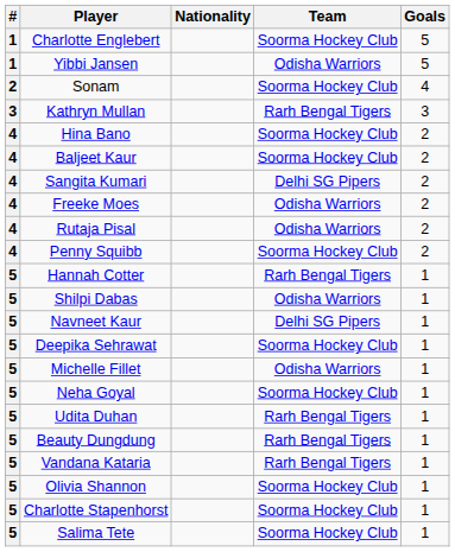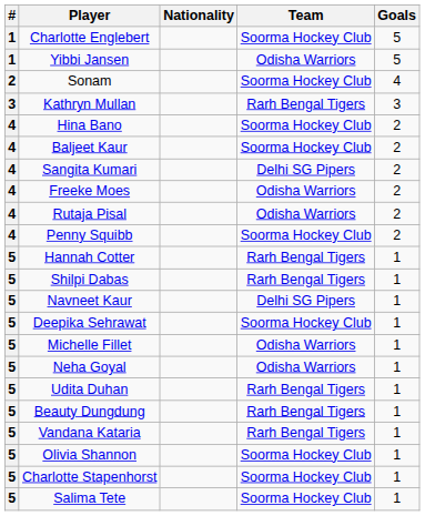 <table class="wikitable sortable" style="text-align:center;">
 <tr>
 <th>#</th>
 <th>Player</th>
 <th>Nationality</th>
 <th>Team</th>
 <th>Goals</th>
 </tr>
 <tr>
 <th>1</th>
 <td><a href='#'>Charlotte Englebert</a></td>
 <td></td>
 <td><a href='#'>Soorma Hockey Club</a></td>
 <td>5</td>
 </tr>
 <tr>
 <th>1</th>
 <td><a href='#'>Yibbi Jansen</a></td>
 <td></td>
 <td><a href='#'>Odisha Warriors</a></td>
 <td>5</td>
 </tr>
 <tr>
 <th>2</th>
 <td>Sonam</td>
 <td></td>
 <td><a href='#'>Soorma Hockey Club</a></td>
 <td>4</td>
 </tr>
 <tr>
 <th>3</th>
 <td><a href='#'>Kathryn Mullan</a></td>
 <td></td>
 <td><a href='#'>Rarh Bengal Tigers</a></td>
 <td>3</td>
 </tr>
 <tr>
 <th>4</th>
 <td><a href='#'>Hina Bano</a></td>
 <td></td>
 <td><a href='#'>Soorma Hockey Club</a></td>
 <td>2</td>
 </tr>
 <tr>
 <th>4</th>
 <td><a href='#'>Baljeet Kaur</a></td>
 <td></td>
 <td><a href='#'>Soorma Hockey Club</a></td>
 <td>2</td>
 </tr>
 <tr>
 <th>4</th>
 <td><a href='#'>Sangita Kumari</a></td>
 <td></td>
 <td><a href='#'>Delhi SG Pipers</a></td>
 <td>2</td>
 </tr>
 <tr>
 <th>4</th>
 <td><a href='#'>Freeke Moes</a></td>
 <td></td>
 <td><a href='#'>Odisha Warriors</a></td>
 <td>2</td>
 </tr>
 <tr>
 <th>4</th>
 <td><a href='#'>Rutaja Pisal</a></td>
 <td></td>
 <td><a href='#'>Odisha Warriors</a></td>
 <td>2</td>
 </tr>
 <tr>
 <th>4</th>
 <td><a href='#'>Penny Squibb</a></td>
 <td></td>
 <td><a href='#'>Soorma Hockey Club</a></td>
 <td>2</td>
 </tr>
 <tr>
 <th>5</th>
 <td><a href='#'>Hannah Cotter</a></td>
 <td></td>
 <td><a href='#'>Rarh Bengal Tigers</a></td>
 <td>1</td>
 </tr>
 <tr>
 <th>5</th>
 <td><a href='#'>Shilpi Dabas</a></td>
 <td></td>
-<td><a href='#'>Odisha Warriors</a></td>
+<td><a href='#'>Rarh Bengal Tigers</a></td>
 <td>1</td>
 </tr>
 <tr>
 <th>5</th>
 <td><a href='#'>Navneet Kaur</a></td>
 <td></td>
 <td><a href='#'>Delhi SG Pipers</a></td>
 <td>1</td>
 </tr>
 <tr>
 <th>5</th>
 <td><a href='#'>Deepika Sehrawat</a></td>
 <td></td>
 <td><a href='#'>Soorma Hockey Club</a></td>
 <td>1</td>
 </tr>
 <tr>
 <th>5</th>
 <td><a href='#'>Michelle Fillet</a></td>
 <td></td>
 <td><a href='#'>Odisha Warriors</a></td>
 <td>1</td>
 </tr>
 <tr>
 <th>5</th>
 <td><a href='#'>Neha Goyal</a></td>
 <td></td>
-<td><a href='#'>Soorma Hockey Club</a></td>
+<td><a href='#'>Odisha Warriors</a></td>
 <td>1</td>
 </tr>
 <tr>
 <th>5</th>
 <td><a href='#'>Udita Duhan</a></td>
 <td></td>
 <td><a href='#'>Rarh Bengal Tigers</a></td>
 <td>1</td>
 </tr>
 <tr>
 <th>5</th>
 <td><a href='#'>Beauty Dungdung</a></td>
 <td></td>
 <td><a href='#'>Rarh Bengal Tigers</a></td>
 <td>1</td>
 </tr>
 <tr>
 <th>5</th>
 <td><a href='#'>Vandana Kataria</a></td>
 <td></td>
 <td><a href='#'>Rarh Bengal Tigers</a></td>
 <td>1</td>
 </tr>
 <tr>
 <th>5</th>
 <td><a href='#'>Olivia Shannon</a></td>
 <td></td>
 <td><a href='#'>Soorma Hockey Club</a></td>
 <td>1</td>
 </tr>
 <tr>
 <th>5</th>
 <td><a href='#'>Charlotte Stapenhorst</a></td>
 <td></td>
 <td><a href='#'>Soorma Hockey Club</a></td>
 <td>1</td>
 </tr>
 <tr>
 <th>5</th>
 <td><a href='#'>Salima Tete</a></td>
 <td></td>
 <td><a href='#'>Soorma Hockey Club</a></td>
 <td>1</td>
 </tr>
 </table>
